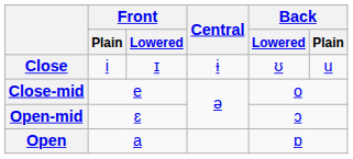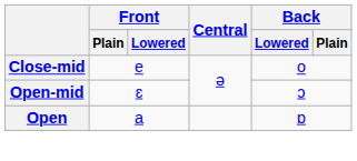 <table class="wikitable" style=text-align:center>
 <tr>
 <th rowspan="2"></th>
 <th colspan="2"><a href='#'>Front</a></th>
 <th rowspan="2"><a href='#'>Central</a></th>
 <th colspan="2"><a href='#'>Back</a></th>
 </tr>
 <tr>
 <th><small>Plain</small></th>
 <th><small><a href='#'>Lowered</a></small></th>
 <th><small><a href='#'>Lowered</a></small></th>
 <th><small>Plain</small></th>
-</tr>
-<tr>
-<th><a href='#'>Close</a></th>
-<td><a href='#'>i</a></td>
-<td><a href='#'>ɪ</a></td>
-<td><a href='#'>ɨ</a></td>
-<td><a href='#'>ʊ</a></td>
-<td><a href='#'>u</a></td>
 </tr>
 <tr>
 <th><a href='#'>Close-mid</a></th>
 <td colspan="2"><a href='#'>e</a></td>
 <td rowspan="2"><a href='#'>ə</a></td>
 <td colspan="2"><a href='#'>o</a></td>
 </tr>
 <tr>
 <th><a href='#'>Open-mid</a></th>
 <td colspan="2"><a href='#'>ɛ</a></td>
 <td colspan="2"><a href='#'>ɔ</a></td>
 </tr>
 <tr>
 <th><a href='#'>Open</a></th>
 <td colspan="2"><a href='#'>a</a></td>
 <td></td>
 <td colspan="2"><a href='#'>ɒ</a></td>
 </tr>
 </table>
